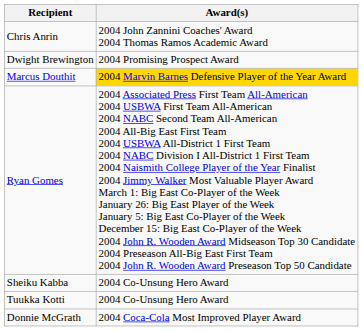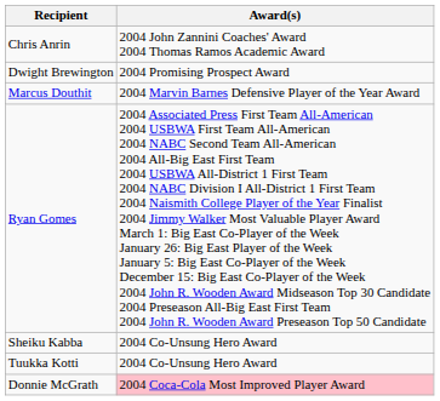 <table class="wikitable">
 <tr>
 <th>Recipient</th>
 <th>Award(s)</th>
 </tr>
 <tr>
 <td>Chris Anrin</td>
 <td>2004 John Zannini Coaches' Award<br>2004 Thomas Ramos Academic Award</td>
 </tr>
 <tr>
 <td>Dwight Brewington</td>
 <td>2004 Promising Prospect Award</td>
 </tr>
 <tr>
 <td><a href='#'>Marcus Douthit</a></td>
-<td style="background: gold;">2004 <a href='#'>Marvin Barnes</a> Defensive Player of the Year Award</td>
+<td>2004 <a href='#'>Marvin Barnes</a> Defensive Player of the Year Award</td>
 </tr>
 <tr>
 <td><a href='#'>Ryan Gomes</a></td>
 <td>2004 <a href='#'>Associated Press</a> First Team <a href='#'>All-American</a><br>2004 <a href='#'>USBWA</a> First Team All-American<br>2004 <a href='#'>NABC</a> Second Team All-American<br>2004 All-Big East First Team<br>2004 <a href='#'>USBWA</a> All-District 1 First Team<br>2004 <a href='#'>NABC</a> Division I All-District 1 First Team<br>2004 <a href='#'>Naismith College Player of the Year</a> Finalist<br>2004 <a href='#'>Jimmy Walker</a> Most Valuable Player Award<br>March 1: Big East Co-Player of the Week<br>January 26: Big East Player of the Week<br>January 5: Big East Co-Player of the Week<br>December 15: Big East Co-Player of the Week<br>2004 <a href='#'>John R. Wooden Award</a> Midseason Top 30 Candidate<br>2004 Preseason All-Big East First Team<br>2004 <a href='#'>John R. Wooden Award</a> Preseason Top 50 Candidate</td>
 </tr>
 <tr>
 <td>Sheiku Kabba</td>
 <td>2004 Co-Unsung Hero Award</td>
 </tr>
 <tr>
 <td>Tuukka Kotti</td>
 <td>2004 Co-Unsung Hero Award</td>
 </tr>
 <tr>
 <td>Donnie McGrath</td>
-<td>2004 <a href='#'>Coca-Cola</a> Most Improved Player Award</td>
+<td style="background: pink;">2004 <a href='#'>Coca-Cola</a> Most Improved Player Award</td>
 </tr>
 </table>
